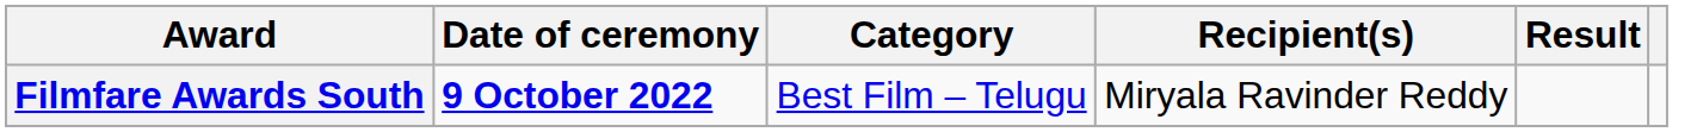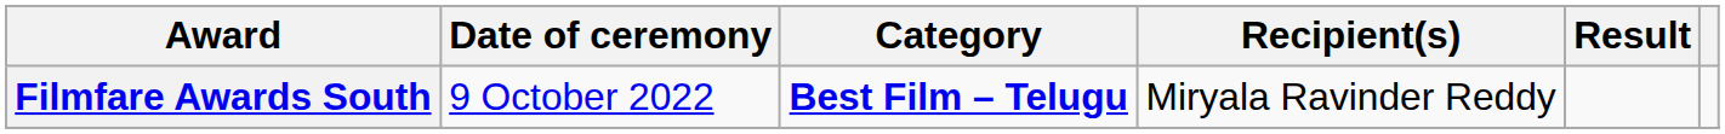 <table class="wikitable sortable plainrowheaders">
 <tr>
 <th scope="col">Award</th>
 <th scope="col">Date of ceremony</th>
 <th scope="col">Category</th>
 <th scope="col">Recipient(s)</th>
 <th scope="col">Result</th>
 <th scope="col" class="unsortable"></th>
 </tr>
 <tr>
 <th scope="row"><a href='#'>Filmfare Awards South</a></th>
-<td><strong><a href='#'>9 October 2022</a></strong></td>
-<td><a href='#'>Best Film – Telugu</a></td>
+<td><a href='#'>9 October 2022</a></td>
+<td><strong><a href='#'>Best Film – Telugu</a></strong></td>
 <td>Miryala Ravinder Reddy</td>
 <td></td>
 <td></td>
 </tr>
 <tr>
 </tr>
 </table>
